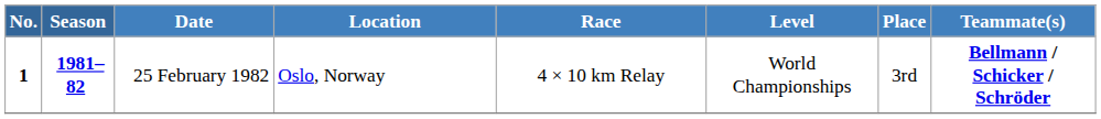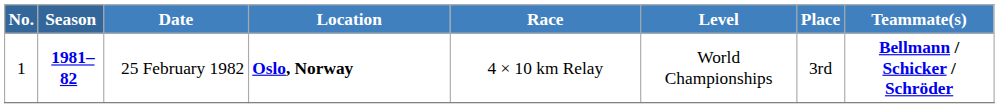 <table class="wikitable sortable" style="font-size:95%; text-align:center; border:grey solid 1px; border-collapse:collapse; background:#ffffff;">
 <tr style="background:#efefef;">
 <th style="background-color:#369; color:white;">No.</th>
 <th style="background-color:#369; color:white;">Season</th>
 <th style="background-color:#4180be; color:white; width:120px;">Date</th>
 <th style="background-color:#4180be; color:white; width:170px;">Location</th>
 <th style="background-color:#4180be; color:white; width:160px;">Race</th>
 <th style="background-color:#4180be; color:white; width:130px;">Level</th>
 <th style="background-color:#4180be; color:white;">Place</th>
 <th style="background-color:#4180be; color:white;">Teammate(s)</th>
 </tr>
 <tr>
-<td align=center><strong>1</strong></td>
+<td align=center>1</td>
 <td rowspan=1 align=center><strong> <a href='#'>1981–82</a> </strong></td>
 <td align=right>25 February 1982</td>
-<td align=left> <a href='#'>Oslo</a>, Norway</td>
+<td align=left><strong> <a href='#'>Oslo</a>, Norway</strong></td>
 <td>4 × 10 km Relay</td>
 <td>World Championships</td>
 <td>3rd</td>
 <td><strong><a href='#'>Bellmann</a> / <a href='#'>Schicker</a> / <a href='#'>Schröder</a></strong></td>
 </tr>
 <tr>
 </tr>
 </table>
